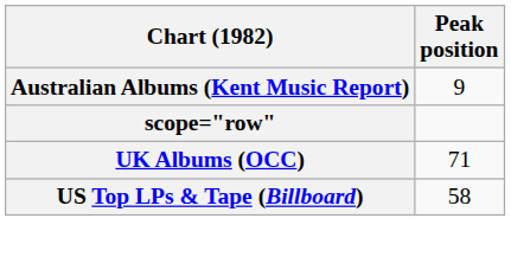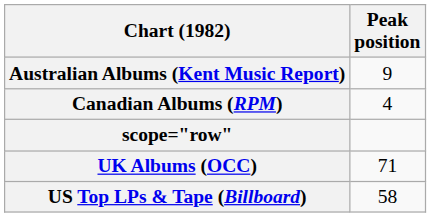 <table class="wikitable sortable plainrowheaders">
 <tr>
 <th scope="col">Chart (1982)</th>
 <th scope="col">Peak<br>position</th>
 </tr>
 <tr>
 <th scope="row">Australian Albums (<a href='#'>Kent Music Report</a>)</th>
 <td style="text-align:center;">9</td>
+</tr>
+<tr>
+<th scope="row">Canadian Albums (<em><a href='#'>RPM</a></em>)</th>
+<td style="text-align:center;">4</td>
 </tr>
 <tr>
 <th>scope="row"</th>
 </tr>
 <tr>
 <th scope="row"><a href='#'>UK Albums</a> (<a href='#'>OCC</a>)</th>
 <td style="text-align:center;">71</td>
 </tr>
 <tr>
 <th scope="row">US <a href='#'>Top LPs & Tape</a> (<em><a href='#'>Billboard</a></em>)</th>
 <td style="text-align:center;">58</td>
 </tr>
 </table>
